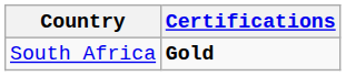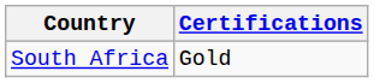 <table class="wikitable">
 <tr>
 <th>Country</th>
 <th><a href='#'>Certifications</a></th>
 </tr>
 <tr>
 <td><a href='#'>South Africa</a></td>
-<td><strong>Gold</strong></td>
+<td>Gold</td>
 </tr>
 </table>
